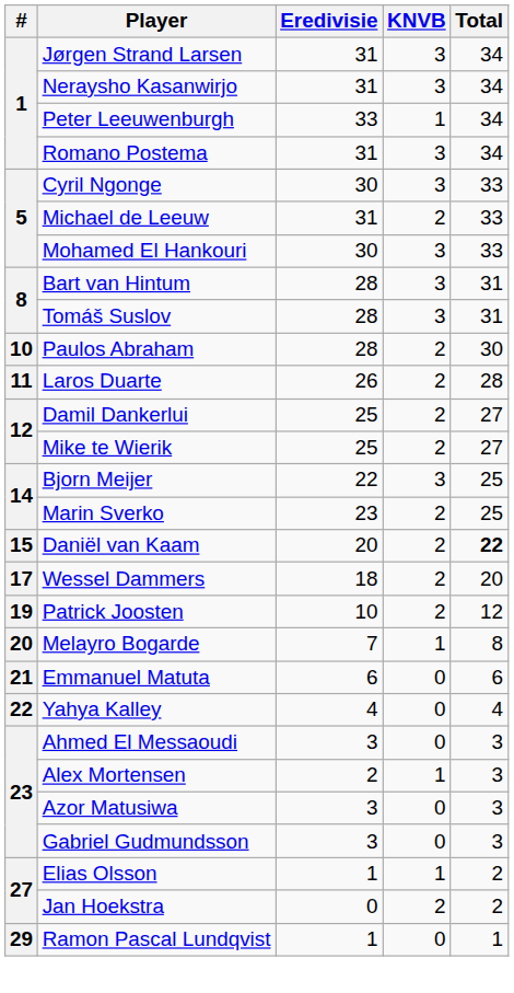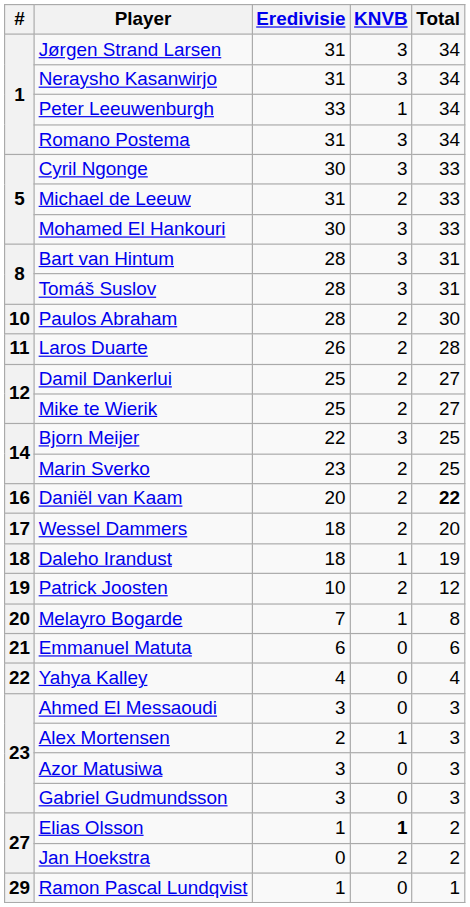 <table class="wikitable" style="text-align:right;">
 <tr>
 <th>#</th>
 <th>Player</th>
 <th><a href='#'>Eredivisie</a></th>
 <th><a href='#'>KNVB</a></th>
 <th>Total</th>
 </tr>
 <tr>
 <th rowspan=4 align=center>1</th>
 <td align=left> <a href='#'>Jørgen Strand Larsen</a></td>
 <td>31</td>
 <td>3</td>
 <td>34</td>
 </tr>
 <tr>
 <td align=left> <a href='#'>Neraysho Kasanwirjo</a></td>
 <td>31</td>
 <td>3</td>
 <td>34</td>
 </tr>
 <tr>
 <td align=left> <a href='#'>Peter Leeuwenburgh</a></td>
 <td>33</td>
 <td>1</td>
 <td>34</td>
 </tr>
 <tr>
 <td align=left> <a href='#'>Romano Postema</a></td>
 <td>31</td>
 <td>3</td>
 <td>34</td>
 </tr>
 <tr>
 <th rowspan=3 align=center>5</th>
 <td align=left> <a href='#'>Cyril Ngonge</a></td>
 <td>30</td>
 <td>3</td>
 <td>33</td>
 </tr>
 <tr>
 <td align=left> <a href='#'>Michael de Leeuw</a></td>
 <td>31</td>
 <td>2</td>
 <td>33</td>
 </tr>
 <tr>
 <td align=left> <a href='#'>Mohamed El Hankouri</a></td>
 <td>30</td>
 <td>3</td>
 <td>33</td>
 </tr>
 <tr>
 <th rowspan=2 align=center>8</th>
 <td align=left> <a href='#'>Bart van Hintum</a></td>
 <td>28</td>
 <td>3</td>
 <td>31</td>
 </tr>
 <tr>
 <td align=left> <a href='#'>Tomáš Suslov</a></td>
 <td>28</td>
 <td>3</td>
 <td>31</td>
 </tr>
 <tr>
 <th align=center>10</th>
 <td align=left> <a href='#'>Paulos Abraham</a></td>
 <td>28</td>
 <td>2</td>
 <td>30</td>
 </tr>
 <tr>
 <th align=center>11</th>
 <td align=left> <a href='#'>Laros Duarte</a></td>
 <td>26</td>
 <td>2</td>
 <td>28</td>
 </tr>
 <tr>
 <th rowspan=2 align=center>12</th>
 <td align=left> <a href='#'>Damil Dankerlui</a></td>
 <td>25</td>
 <td>2</td>
 <td>27</td>
 </tr>
 <tr>
 <td align=left> <a href='#'>Mike te Wierik</a></td>
 <td>25</td>
 <td>2</td>
 <td>27</td>
 </tr>
 <tr>
 <th rowspan=2 align=center>14</th>
 <td align=left> <a href='#'>Bjorn Meijer</a></td>
 <td>22</td>
 <td>3</td>
 <td>25</td>
 </tr>
 <tr>
 <td align=left> <a href='#'>Marin Sverko</a></td>
 <td>23</td>
 <td>2</td>
 <td>25</td>
 </tr>
 <tr>
-<th align=center>15</th>
+<th align=center>16</th>
 <td align=left> <a href='#'>Daniël van Kaam</a></td>
 <td>20</td>
 <td>2</td>
 <td><strong>22</strong></td>
 </tr>
 <tr>
 <th align=center>17</th>
 <td align=left> <a href='#'>Wessel Dammers</a></td>
 <td>18</td>
 <td>2</td>
 <td>20</td>
+</tr>
+<tr>
+<th align=center>18</th>
+<td align=left> <a href='#'>Daleho Irandust</a></td>
+<td>18</td>
+<td>1</td>
+<td>19</td>
 </tr>
 <tr>
 <th align=center>19</th>
 <td align=left> <a href='#'>Patrick Joosten</a></td>
 <td>10</td>
 <td>2</td>
 <td>12</td>
 </tr>
 <tr>
 <th align=center>20</th>
 <td align=left> <a href='#'>Melayro Bogarde</a></td>
 <td>7</td>
 <td>1</td>
 <td>8</td>
 </tr>
 <tr>
 <th align=center>21</th>
 <td align=left> <a href='#'>Emmanuel Matuta</a></td>
 <td>6</td>
 <td>0</td>
 <td>6</td>
 </tr>
 <tr>
 <th align=center>22</th>
 <td align=left> <a href='#'>Yahya Kalley</a></td>
 <td>4</td>
 <td>0</td>
 <td>4</td>
 </tr>
 <tr>
 <th rowspan=4 align=center>23</th>
 <td align=left> <a href='#'>Ahmed El Messaoudi</a></td>
 <td>3</td>
 <td>0</td>
 <td>3</td>
 </tr>
 <tr>
 <td align=left> <a href='#'>Alex Mortensen</a></td>
 <td>2</td>
 <td>1</td>
 <td>3</td>
 </tr>
 <tr>
 <td align=left> <a href='#'>Azor Matusiwa</a></td>
 <td>3</td>
 <td>0</td>
 <td>3</td>
 </tr>
 <tr>
 <td align=left> <a href='#'>Gabriel Gudmundsson</a></td>
 <td>3</td>
 <td>0</td>
 <td>3</td>
 </tr>
 <tr>
 <th rowspan=2 align=center>27</th>
 <td align=left> <a href='#'>Elias Olsson</a></td>
 <td>1</td>
-<td>1</td>
+<td><strong>1</strong></td>
 <td>2</td>
 </tr>
 <tr>
 <td align=left> <a href='#'>Jan Hoekstra</a></td>
 <td>0</td>
 <td>2</td>
 <td>2</td>
 </tr>
 <tr>
 <th align=center>29</th>
 <td align=left> <a href='#'>Ramon Pascal Lundqvist</a></td>
 <td>1</td>
 <td>0</td>
 <td>1</td>
 </tr>
 </table>
